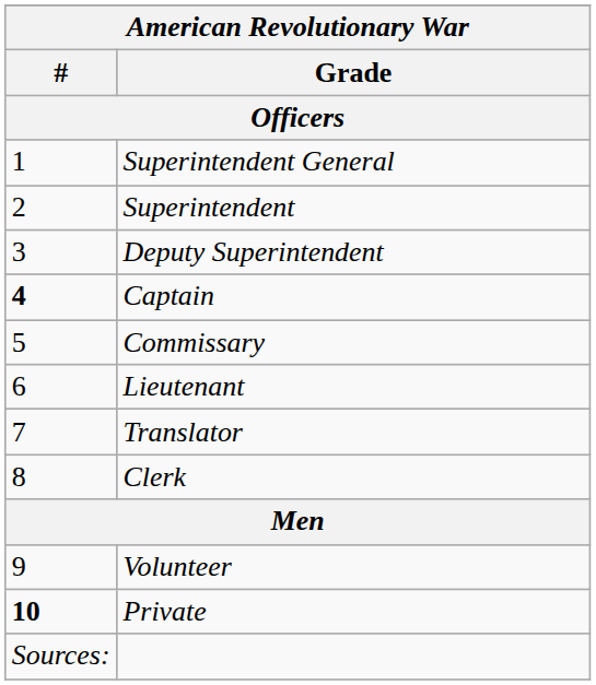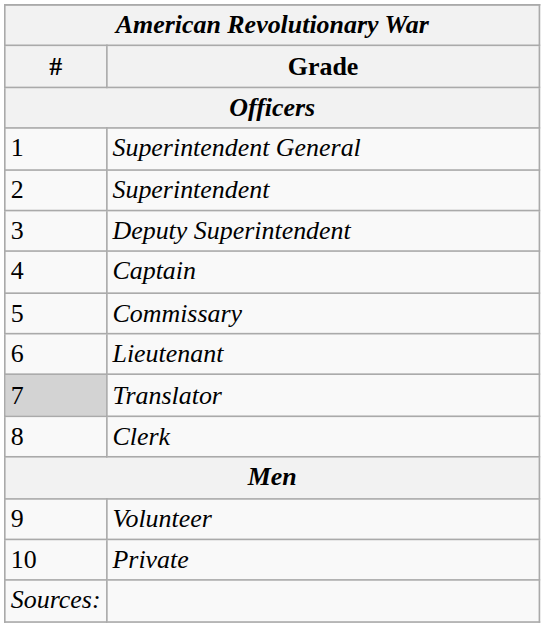 <table class="wikitable">
 <tr bgcolor="F1F1F1">
 </tr>
 <tr>
 <th colspan=2><em>American Revolutionary War</em></th>
 </tr>
 <tr>
 <th align="center" width="50">#</th>
 <th align="center" width="260">Grade</th>
 </tr>
 <tr>
 <th colspan=2><em>Officers</em></th>
 </tr>
 <tr>
 <td>1</td>
 <td><em>Superintendent General</em></td>
 </tr>
 <tr>
 <td>2</td>
 <td><em>Superintendent</em></td>
 </tr>
 <tr>
 <td>3</td>
 <td><em>Deputy Superintendent</em></td>
 </tr>
 <tr>
-<td><strong>4</strong></td>
+<td>4</td>
 <td><em>Captain</em></td>
 </tr>
 <tr>
 <td>5</td>
 <td><em>Commissary</em></td>
 </tr>
 <tr>
 <td>6</td>
 <td><em>Lieutenant</em></td>
 </tr>
 <tr>
-<td>7</td>
+<td style="background: lightgrey;">7</td>
 <td><em>Translator</em></td>
 </tr>
 <tr>
 <td>8</td>
 <td><em>Clerk</em></td>
 </tr>
 <tr>
 <th colspan=2><em>Men</em></th>
 </tr>
 <tr>
 <td>9</td>
 <td><em>Volunteer</em></td>
 </tr>
 <tr>
-<td><strong>10</strong></td>
+<td>10</td>
 <td><em>Private</em></td>
 </tr>
 <tr>
 <td><em>Sources:</em></td>
 <td></td>
 </tr>
 </table>
